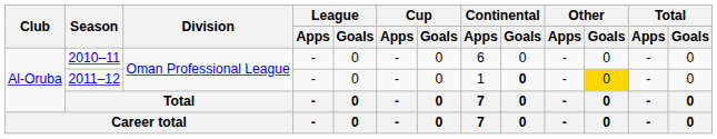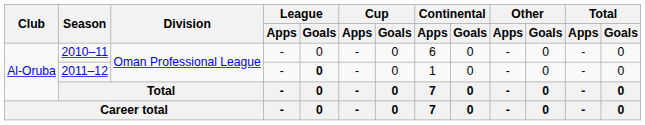 <table class="wikitable" style="text-align: center;">
 <tr>
 <th rowspan=2>Club</th>
 <th rowspan=2>Season</th>
 <th rowspan=2>Division</th>
 <th colspan=2>League</th>
 <th colspan=2>Cup</th>
 <th colspan=2>Continental</th>
 <th colspan=2>Other</th>
 <th colspan=2>Total</th>
 </tr>
 <tr>
 <th>Apps</th>
 <th>Goals</th>
 <th>Apps</th>
 <th>Goals</th>
 <th>Apps</th>
 <th>Goals</th>
 <th>Apps</th>
 <th>Goals</th>
 <th>Apps</th>
 <th>Goals</th>
 </tr>
 <tr>
 <td rowspan=3><a href='#'>Al-Oruba</a></td>
 <td><a href='#'>2010–11</a></td>
 <td rowspan=2><a href='#'>Oman Professional League</a></td>
 <td>-</td>
 <td>0</td>
 <td>-</td>
 <td>0</td>
 <td>6</td>
 <td>0</td>
 <td>-</td>
 <td>0</td>
 <td>-</td>
 <td>0</td>
 </tr>
 <tr>
 <td><a href='#'>2011–12</a></td>
 <td>-</td>
+<td><strong>0</strong></td>
+<td>-</td>
+<td>0</td>
+<td>1</td>
 <td>0</td>
 <td>-</td>
 <td>0</td>
-<td>1</td>
-<td><strong>0</strong></td>
-<td>-</td>
-<td style="background: gold;">0</td>
 <td>-</td>
 <td>0</td>
 </tr>
 <tr>
 <th colspan=2>Total</th>
 <th>-</th>
 <th>0</th>
 <th>-</th>
 <th>0</th>
 <th>7</th>
 <th>0</th>
 <th>-</th>
 <th>0</th>
 <th>-</th>
 <th>0</th>
 </tr>
 <tr>
 <th colspan=3>Career total</th>
 <th>-</th>
 <th>0</th>
 <th>-</th>
 <th>0</th>
 <th>7</th>
 <th>0</th>
 <th>-</th>
 <th>0</th>
 <th>-</th>
 <th>0</th>
 </tr>
 </table>
